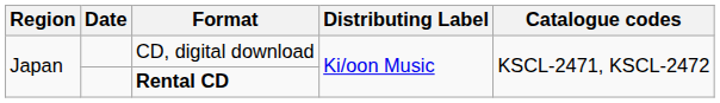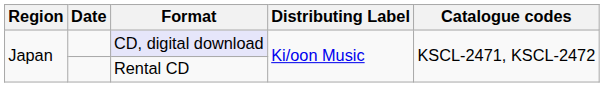 <table class="wikitable">
 <tr>
 <th>Region</th>
 <th>Date</th>
 <th>Format</th>
 <th>Distributing Label</th>
 <th>Catalogue codes</th>
 </tr>
 <tr>
 <td rowspan="2">Japan</td>
 <td></td>
-<td>CD, digital download</td>
+<td style="background: lavender;">CD, digital download</td>
 <td rowspan="2"><a href='#'>Ki/oon Music</a></td>
 <td rowspan="2">KSCL-2471, KSCL-2472</td>
 </tr>
 <tr>
 <td></td>
-<td><strong>Rental CD</strong></td>
+<td>Rental CD</td>
 </tr>
 </table>
